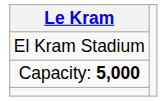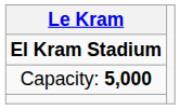 <table class="wikitable" style="margin:1em auto; text-align:center">
 <tr>
 <th><a href='#'>Le Kram</a></th>
 <td rowspan="4"></td>
 </tr>
 <tr>
-<td>El Kram Stadium</td>
+<td><strong>El Kram Stadium</strong></td>
 </tr>
 <tr>
 <td>Capacity: <strong>5,000</strong></td>
 </tr>
 <tr>
 <td></td>
 </tr>
 </table>
